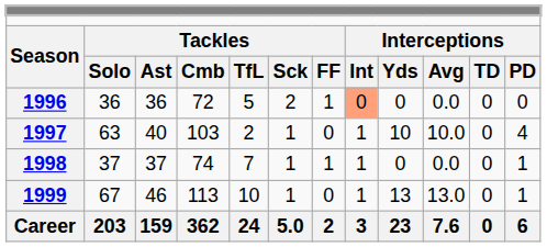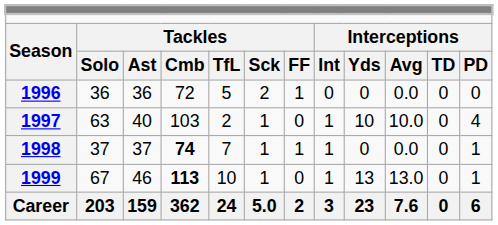 <table class=wikitable style="text-align:center;">
 <tr>
 <td ! colspan="15" style="background:gray; border:2px solid silver; color:white;"></td>
 </tr>
 <tr>
 <td ! colspan="15"></td>
 </tr>
 <tr>
 <th rowspan="2">Season</th>
 <th colspan="6">Tackles</th>
 <th colspan="5">Interceptions</th>
 </tr>
 <tr>
 <th>Solo</th>
 <th>Ast</th>
 <th>Cmb</th>
 <th>TfL</th>
 <th>Sck</th>
 <th>FF</th>
 <th>Int</th>
 <th>Yds</th>
 <th>Avg</th>
 <th>TD</th>
 <th>PD</th>
 </tr>
 <tr>
 <th><a href='#'>1996</a></th>
 <td>36</td>
 <td>36</td>
 <td>72</td>
 <td>5</td>
 <td>2</td>
 <td>1</td>
-<td style="background: lightsalmon;">0</td>
+<td>0</td>
 <td>0</td>
 <td>0.0</td>
 <td>0</td>
 <td>0</td>
 </tr>
 <tr>
 <th><a href='#'>1997</a></th>
 <td>63</td>
 <td>40</td>
 <td>103</td>
 <td>2</td>
 <td>1</td>
 <td>0</td>
 <td>1</td>
 <td>10</td>
 <td>10.0</td>
 <td>0</td>
 <td>4</td>
 </tr>
 <tr>
 <th><a href='#'>1998</a></th>
 <td>37</td>
 <td>37</td>
-<td>74</td>
+<td><strong>74</strong></td>
 <td>7</td>
 <td>1</td>
 <td>1</td>
 <td>1</td>
 <td>0</td>
 <td>0.0</td>
 <td>0</td>
 <td>1</td>
 </tr>
 <tr>
 <th><a href='#'>1999</a></th>
 <td>67</td>
 <td>46</td>
-<td>113</td>
+<td><strong>113</strong></td>
 <td>10</td>
 <td>1</td>
 <td>0</td>
 <td>1</td>
 <td>13</td>
 <td>13.0</td>
 <td>0</td>
 <td>1</td>
 </tr>
 <tr>
 <th>Career</th>
 <th>203</th>
 <th>159</th>
 <th>362</th>
 <th>24</th>
 <th>5.0</th>
 <th>2</th>
 <th>3</th>
 <th>23</th>
 <th>7.6</th>
 <th>0</th>
 <th>6</th>
 </tr>
 </table>
